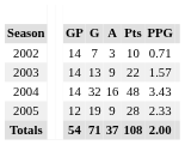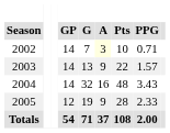 <table BORDER="0" CELLPADDING="3" CELLSPACING="0">
 <tr ALIGN="center" bgcolor="#e0e0e0">
 <th colspan="1" bgcolor="#ffffff"> </th>
 <th rowspan="99" bgcolor="#ffffff"> </th>
 <th rowspan="99" bgcolor="#ffffff"> </th>
 </tr>
 <tr ALIGN="center" bgcolor="#e0e0e0">
 <th>Season</th>
 <th>GP</th>
 <th>G</th>
 <th>A</th>
 <th>Pts</th>
 <th>PPG</th>
 <th></th>
 </tr>
 <tr ALIGN="center">
 <td>2002</td>
 <td>14</td>
 <td>7</td>
-<td>3</td>
+<td style="background: lightyellow;">3</td>
 <td>10</td>
 <td>0.71</td>
 <td></td>
 </tr>
 <tr ALIGN="center" bgcolor="#f0f0f0">
 <td>2003</td>
 <td>14</td>
 <td>13</td>
 <td>9</td>
 <td>22</td>
 <td>1.57</td>
 <td></td>
 </tr>
 <tr ALIGN="center">
 <td>2004</td>
 <td>14</td>
 <td>32</td>
 <td>16</td>
 <td>48</td>
 <td>3.43</td>
 <td></td>
 </tr>
 <tr ALIGN="center" bgcolor="#f0f0f0">
 <td>2005</td>
 <td>12</td>
 <td>19</td>
 <td>9</td>
 <td>28</td>
 <td>2.33</td>
 <td></td>
 </tr>
 <tr ALIGN="center" bgcolor="#e0e0e0">
 <th colspan="1.5">Totals</th>
 <th>54</th>
 <th>71</th>
 <th>37</th>
 <th>108</th>
 <th>2.00</th>
 <th></th>
 </tr>
 </table>
